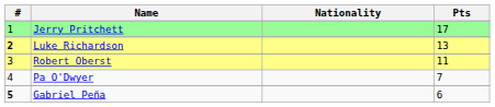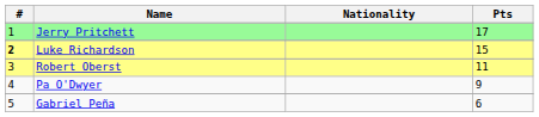 <table class="wikitable" style="display: inline-table;width: 50%;">
 <tr>
 <th>#</th>
 <th>Name</th>
 <th>Nationality</th>
 <th>Pts</th>
 </tr>
 <tr>
 </tr>
 <tr style="background:palegreen">
 <td>1</td>
 <td><a href='#'>Jerry Pritchett</a></td>
 <td></td>
 <td>17</td>
 </tr>
 <tr>
 </tr>
 <tr style="background:#ff8">
 <td><strong>2</strong></td>
 <td><a href='#'>Luke Richardson</a></td>
 <td></td>
-<td>13</td>
+<td>15</td>
 </tr>
 <tr>
 </tr>
 <tr style="background:#ff8">
 <td>3</td>
 <td><a href='#'>Robert Oberst</a></td>
 <td></td>
 <td>11</td>
 </tr>
 <tr>
 <td>4</td>
 <td><a href='#'>Pa O'Dwyer</a></td>
 <td></td>
-<td>7</td>
+<td>9</td>
 </tr>
 <tr>
 </tr>
 <tr>
-<td><strong>5</strong></td>
+<td>5</td>
 <td><a href='#'>Gabriel Peña</a></td>
 <td></td>
 <td>6</td>
 </tr>
 </table>
